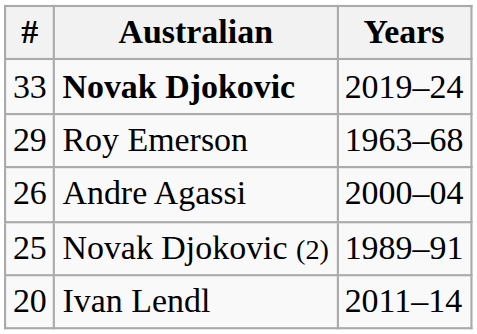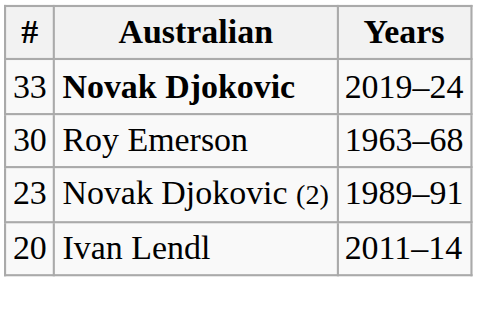 <table class=wikitable style="display:inline-table;">
 <tr>
 <th>#</th>
 <th>Australian</th>
 <th>Years</th>
 </tr>
 <tr>
 <td>33</td>
 <td> <strong>Novak Djokovic</strong></td>
 <td>2019–24</td>
 </tr>
 <tr>
-<td>29</td>
+<td>30</td>
 <td> Roy Emerson</td>
 <td>1963–68</td>
 </tr>
 <tr>
-<td>26</td>
-<td> Andre Agassi</td>
-<td>2000–04</td>
-</tr>
-<tr>
-<td>25</td>
+<td>23</td>
 <td> Novak Djokovic <small>(2)</small></td>
 <td>1989–91</td>
 </tr>
 <tr>
 <td>20</td>
 <td> Ivan Lendl</td>
 <td>2011–14</td>
 </tr>
 </table>
